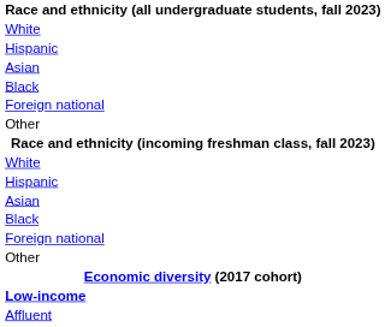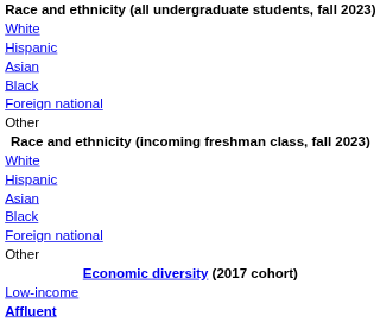 <table font-size:80%;">
 <tr>
 <th colspan="4" data-sort-type=number>Race and ethnicity (all undergraduate students, fall 2023)</th>
 </tr>
 <tr>
 <td><a href='#'>White</a></td>
 <td align=right></td>
 </tr>
 <tr>
 <td><a href='#'>Hispanic</a></td>
 <td align=right></td>
 </tr>
 <tr>
 <td><a href='#'>Asian</a></td>
 <td align=right></td>
 </tr>
 <tr>
 <td><a href='#'>Black</a></td>
 <td align=right></td>
 </tr>
 <tr>
 <td><a href='#'>Foreign national</a></td>
 <td align=right></td>
 </tr>
 <tr>
 <td>Other</td>
 <td align=right></td>
 </tr>
 <tr>
 <th colspan="4" data-sort-type=number>Race and ethnicity (incoming freshman class, fall 2023)</th>
 </tr>
 <tr>
 <td><a href='#'>White</a></td>
 <td align=right></td>
 </tr>
 <tr>
 <td><a href='#'>Hispanic</a></td>
 <td align=right></td>
 </tr>
 <tr>
 <td><a href='#'>Asian</a></td>
 <td align=right></td>
 </tr>
 <tr>
 <td><a href='#'>Black</a></td>
 <td align=right></td>
 </tr>
 <tr>
 <td><a href='#'>Foreign national</a></td>
 <td align=right></td>
 </tr>
 <tr>
 <td>Other</td>
 <td align=right></td>
 </tr>
 <tr>
 <th colspan="4" data-sort-type=number><a href='#'>Economic diversity</a> (2017 cohort)</th>
 </tr>
 <tr>
-<td><strong><a href='#'>Low-income</a></strong></td>
+<td><a href='#'>Low-income</a></td>
 <td align=right></td>
 </tr>
 <tr>
-<td><a href='#'>Affluent</a></td>
+<td><strong><a href='#'>Affluent</a></strong></td>
 <td align=right></td>
 </tr>
 </table>
